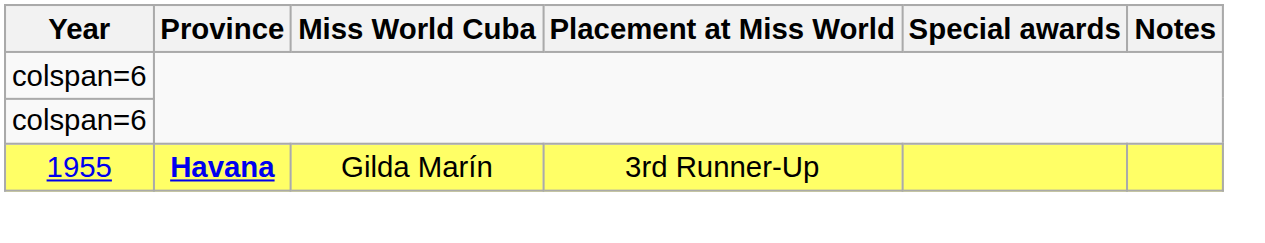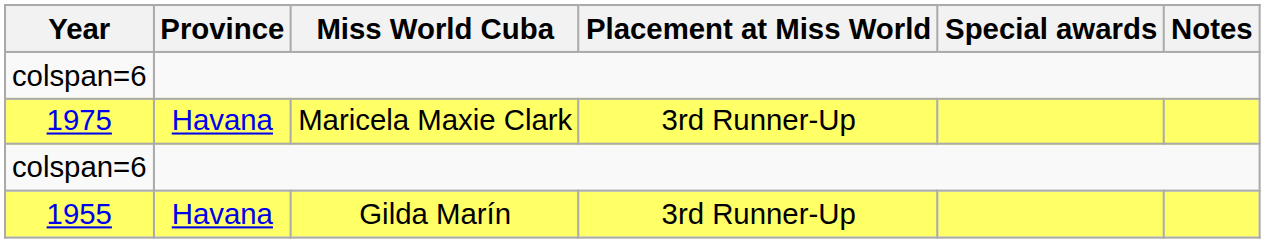 <table class="wikitable " style="font-size: 90%; text-align:center;">
 <tr>
 <th>Year</th>
 <th>Province</th>
 <th>Miss World Cuba</th>
 <th>Placement at Miss World</th>
 <th>Special awards</th>
 <th>Notes</th>
 </tr>
 <tr>
 <td>colspan=6 </td>
 </tr>
+<tr style="background-color:#FFFF66">
+<td><a href='#'>1975</a></td>
+<td><a href='#'>Havana</a></td>
+<td>Maricela Maxie Clark</td>
+<td>3rd Runner-Up</td>
+<td></td>
+<td></td>
+</tr>
 <tr>
 <td>colspan=6 </td>
 </tr>
 <tr style="background-color:#FFFF66">
 <td><a href='#'>1955</a></td>
-<td><strong><a href='#'>Havana</a></strong></td>
+<td><a href='#'>Havana</a></td>
 <td>Gilda Marín</td>
 <td>3rd Runner-Up</td>
 <td></td>
 <td></td>
 </tr>
 </table>
